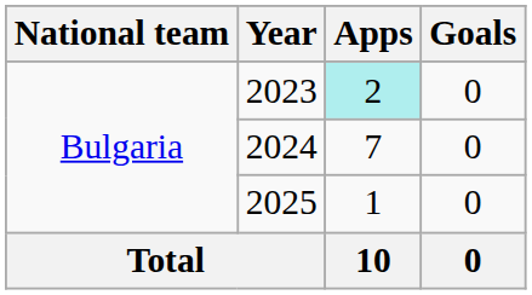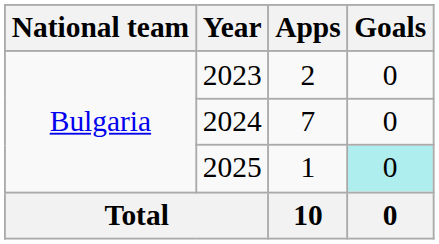 <table class="wikitable" style="text-align: center;">
 <tr>
 <th>National team</th>
 <th>Year</th>
 <th>Apps</th>
 <th>Goals</th>
 </tr>
 <tr>
 <td rowspan="3"><a href='#'>Bulgaria</a></td>
 <td>2023</td>
-<td style="background: paleturquoise;">2</td>
+<td>2</td>
 <td>0</td>
 </tr>
 <tr>
 <td>2024</td>
 <td>7</td>
 <td>0</td>
 </tr>
 <tr>
 <td>2025</td>
 <td>1</td>
-<td>0</td>
+<td style="background: paleturquoise;">0</td>
 </tr>
 <tr>
 <th colspan="2">Total</th>
 <th>10</th>
 <th>0</th>
 </tr>
 </table>
